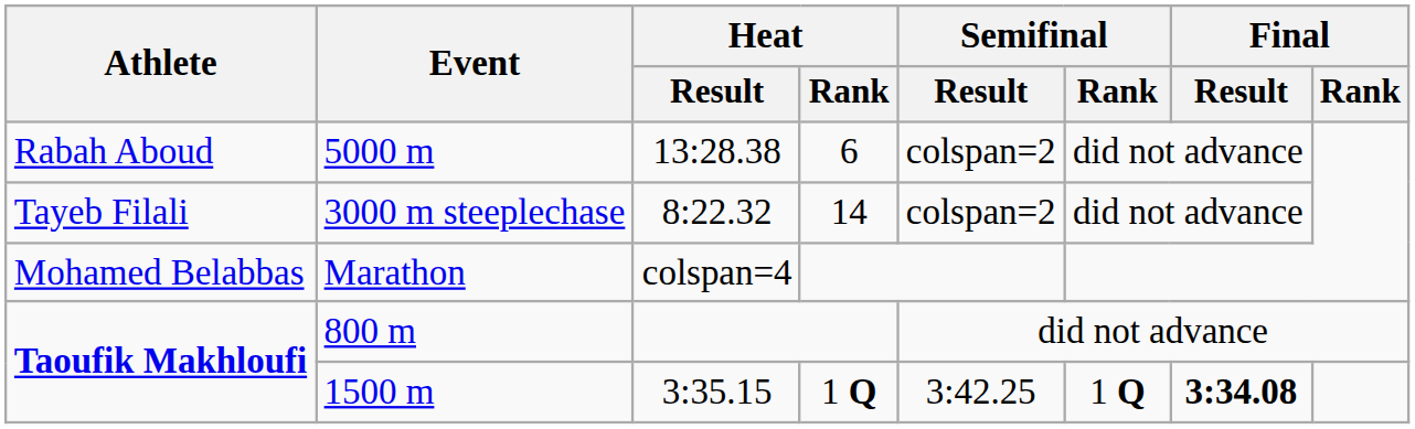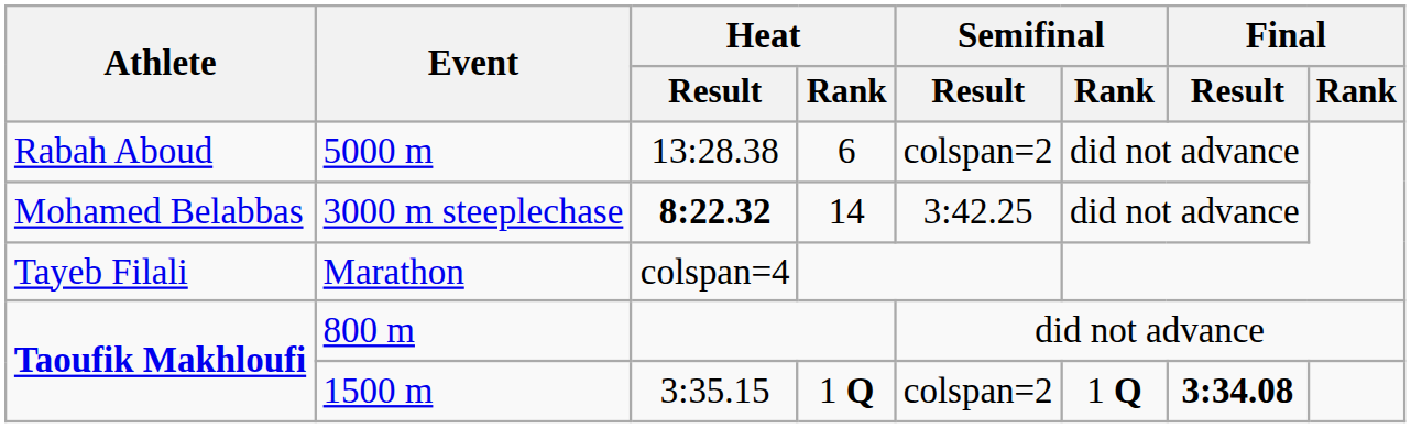 <table class="wikitable" style="font-size:90%">
 <tr>
 <th rowspan="2">Athlete</th>
 <th rowspan="2">Event</th>
 <th colspan="2">Heat</th>
 <th colspan="2">Semifinal</th>
 <th colspan="2">Final</th>
 </tr>
 <tr style="font-size:95%">
 <th>Result</th>
 <th>Rank</th>
 <th>Result</th>
 <th>Rank</th>
 <th>Result</th>
 <th>Rank</th>
 </tr>
 <tr align=center>
 <td align=left><a href='#'>Rabah Aboud</a></td>
 <td align=left><a href='#'>5000 m</a></td>
 <td>13:28.38</td>
 <td>6</td>
 <td>colspan=2 </td>
 <td colspan=2>did not advance</td>
 </tr>
 <tr align=center>
-<td align=left><a href='#'>Tayeb Filali</a></td>
+<td align=left><a href='#'>Mohamed Belabbas</a></td>
 <td align=left><a href='#'>3000 m steeplechase</a></td>
-<td>8:22.32</td>
+<td><strong>8:22.32</strong></td>
 <td>14</td>
-<td>colspan=2 </td>
+<td>3:42.25</td>
 <td colspan=2>did not advance</td>
 </tr>
 <tr align=center>
-<td align=left><a href='#'>Mohamed Belabbas</a></td>
+<td align=left><a href='#'>Tayeb Filali</a></td>
 <td align=left><a href='#'>Marathon</a></td>
 <td>colspan=4 </td>
 <td colspan=2></td>
 </tr>
 <tr align=center>
 <td align=left rowspan=2><strong><a href='#'>Taoufik Makhloufi</a></strong></td>
 <td align=left><a href='#'>800 m</a></td>
 <td colspan=2></td>
 <td colspan=4>did not advance</td>
 </tr>
 <tr align=center>
 <td align=left><a href='#'>1500 m</a></td>
 <td>3:35.15</td>
 <td>1 <strong>Q</strong></td>
-<td>3:42.25</td>
+<td>colspan=2 </td>
 <td>1 <strong>Q</strong></td>
 <td><strong>3:34.08</strong></td>
 <td></td>
 </tr>
 </table>
